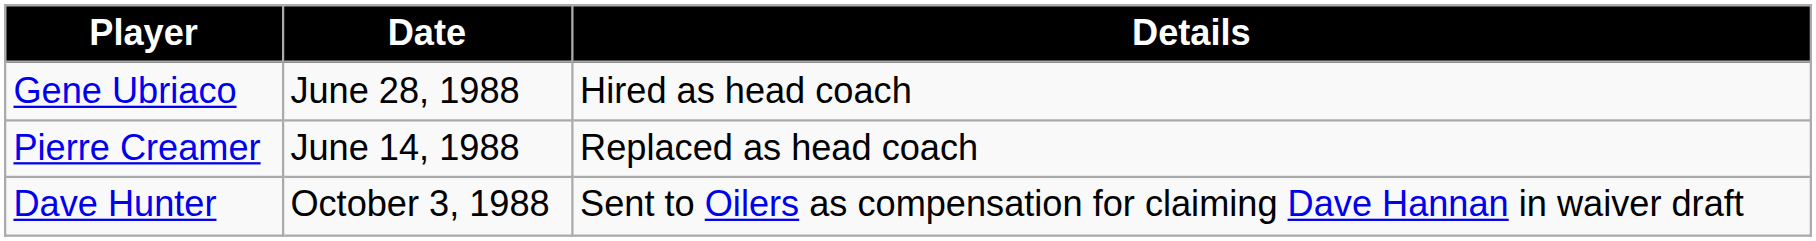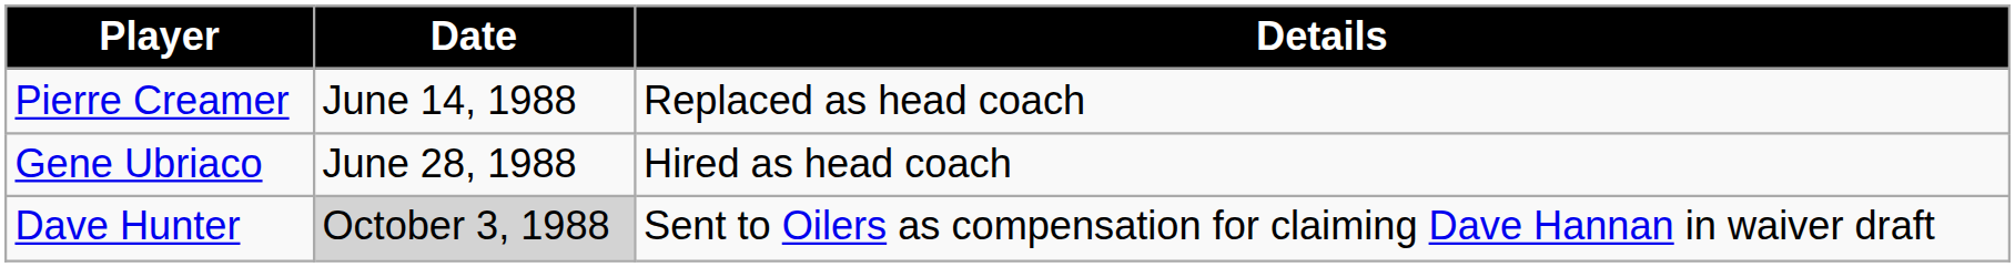 <table class="wikitable" style="width:50em; padding:3px;">
 <tr style="text-align:center; background:#ddd;">
 <th style="color:white; background:#000000; ">Player</th>
 <th style="color:white; background:#000000; ">Date</th>
 <th style="color:white; background:#000000; ">Details</th>
 </tr>
 <tr>
+<td><a href='#'>Pierre Creamer</a></td>
+<td>June 14, 1988</td>
+<td>Replaced as head coach</td>
+</tr>
+<tr>
 <td><a href='#'>Gene Ubriaco</a></td>
 <td>June 28, 1988</td>
 <td>Hired as head coach</td>
 </tr>
 <tr>
-<td><a href='#'>Pierre Creamer</a></td>
-<td>June 14, 1988</td>
-<td>Replaced as head coach</td>
-</tr>
-<tr>
 <td><a href='#'>Dave Hunter</a></td>
-<td>October 3, 1988</td>
+<td style="background: lightgrey;">October 3, 1988</td>
 <td>Sent to <a href='#'>Oilers</a> as compensation for claiming <a href='#'>Dave Hannan</a> in waiver draft</td>
 </tr>
 </table>
